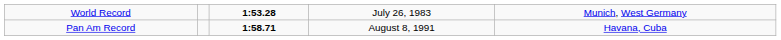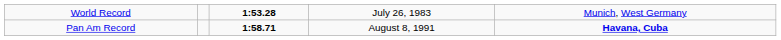 <table class="wikitable" style=" text-align:center; font-size:95%;" width="75%">
 <tr>
 <td><a href='#'>World Record</a></td>
 <td></td>
 <td><strong>1:53.28</strong></td>
 <td>July 26, 1983</td>
 <td> <a href='#'>Munich</a>, <a href='#'>West Germany</a></td>
 </tr>
 <tr>
 <td><a href='#'>Pan Am Record</a></td>
 <td></td>
 <td><strong>1:58.71</strong></td>
 <td>August 8, 1991</td>
-<td> <a href='#'>Havana, Cuba</a></td>
+<td><strong> <a href='#'>Havana, Cuba</a></strong></td>
 </tr>
 </table>
